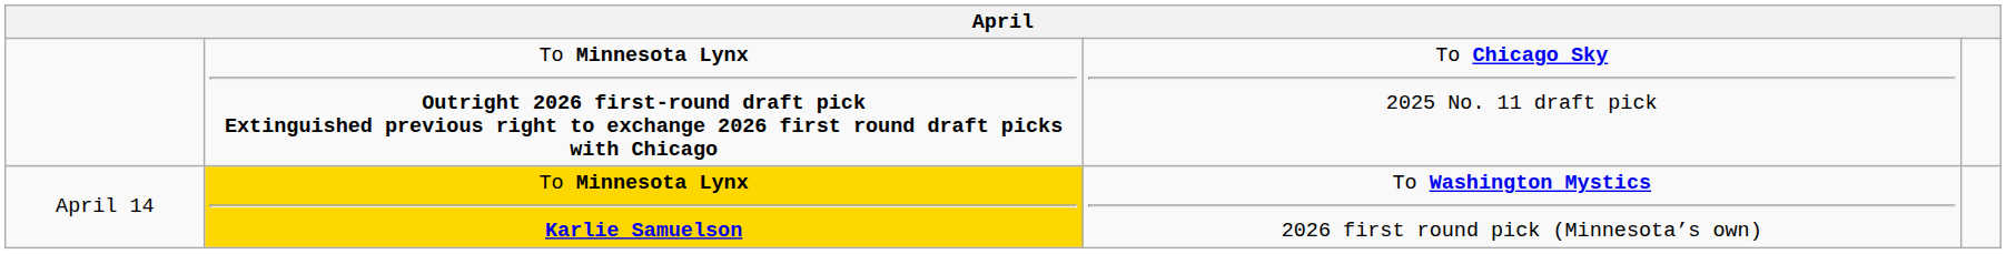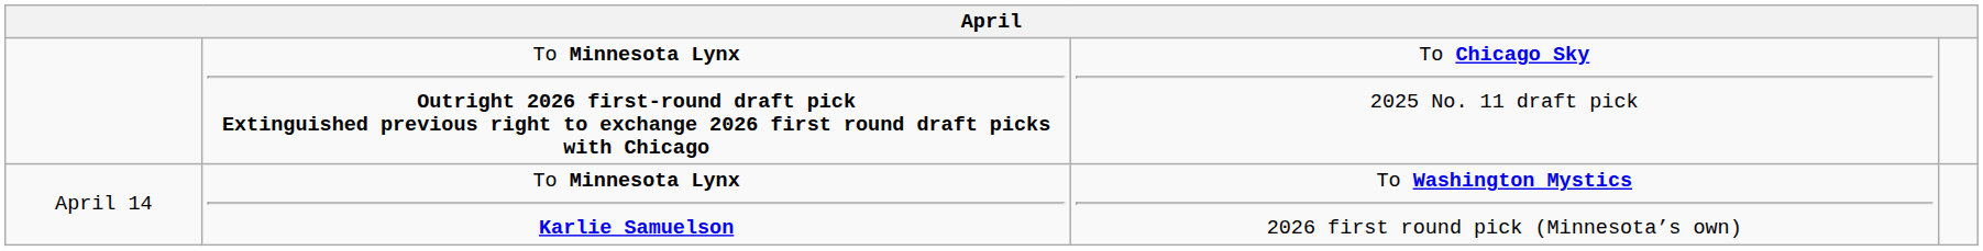 <table class="wikitable sortable" style="width:100%; text-align: center">
 <tr>
 <th colspan="4">April</th>
 </tr>
 <tr>
 <td style="width:10%"></td>
 <td style="width:44%; vertical-align:top;">To <strong>Minnesota Lynx</strong><hr><strong>Outright 2026 first-round draft pick<br>Extinguished previous right to exchange 2026 first round draft picks with Chicago</strong></td>
 <td style="width:44%; vertical-align:top;">To <strong><a href='#'>Chicago Sky</a></strong><hr>2025 No. 11 draft pick</td>
 <td></td>
 </tr>
 <tr>
 <td>April 14</td>
-<td style="background: gold; width:44%; vertical-align:top;">To <strong>Minnesota Lynx</strong><hr><strong><a href='#'>Karlie Samuelson</a></strong></td>
+<td style="width:44%; vertical-align:top;">To <strong>Minnesota Lynx</strong><hr><strong><a href='#'>Karlie Samuelson</a></strong></td>
 <td style="width:44%; vertical-align:top;">To <strong><a href='#'>Washington Mystics</a></strong><hr>2026 first round pick (Minnesota’s own)</td>
 <td></td>
 </tr>
 </table>
